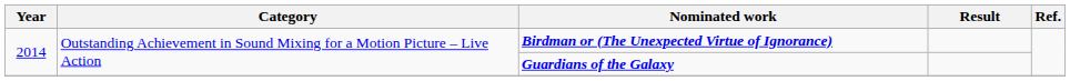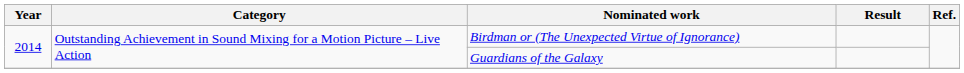 <table class="wikitable" style="width:90%;">
 <tr>
 <th width=5%>Year</th>
 <th style="width:45%;">Category</th>
 <th style="width:40%;">Nominated work</th>
 <th style="width:10%;">Result</th>
 <th style="width:5%;">Ref.</th>
 </tr>
 <tr>
 <td rowspan="2" style="text-align:center;"><a href='#'>2014</a></td>
 <td rowspan="2"><a href='#'>Outstanding Achievement in Sound Mixing for a Motion Picture – Live Action</a></td>
-<td><strong><em><a href='#'>Birdman or (The Unexpected Virtue of Ignorance)</a></em></strong></td>
+<td><em><a href='#'>Birdman or (The Unexpected Virtue of Ignorance)</a></em></td>
 <td></td>
 <td rowspan="2"><br></td>
 </tr>
 <tr>
-<td><strong><em><a href='#'>Guardians of the Galaxy</a></em></strong></td>
+<td><em><a href='#'>Guardians of the Galaxy</a></em></td>
 <td></td>
 </tr>
 <tr>
 </tr>
 </table>
